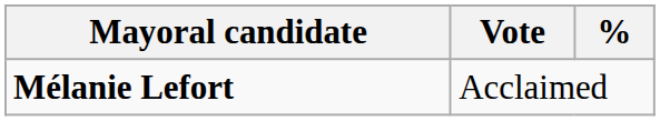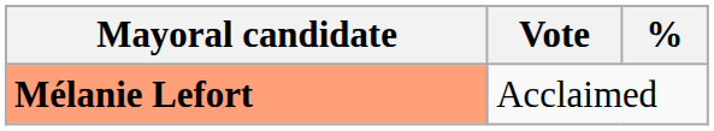 <table class="wikitable">
 <tr>
 <th bgcolor="#DDDDFF" width="200px">Mayoral candidate</th>
 <th bgcolor="#DDDDFF" width="50px">Vote</th>
 <th bgcolor="#DDDDFF"  width="30px">%</th>
 </tr>
 <tr>
-<td><strong>Mélanie Lefort</strong></td>
+<td style="background: lightsalmon;"><strong>Mélanie Lefort</strong></td>
 <td colspan="2">Acclaimed</td>
 </tr>
 </table>
